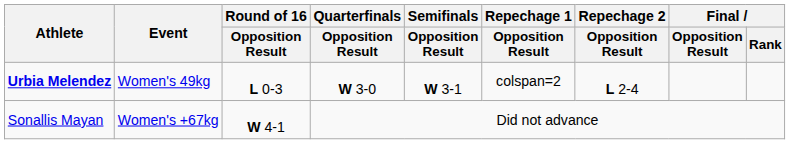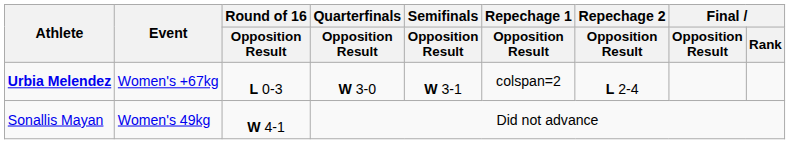 <table class="wikitable" style="font-size:90%;">
 <tr>
 <th rowspan=2>Athlete</th>
 <th rowspan=2>Event</th>
 <th>Round of 16</th>
 <th>Quarterfinals</th>
 <th>Semifinals</th>
 <th>Repechage 1</th>
 <th>Repechage 2</th>
 <th colspan=2>Final / </th>
 </tr>
 <tr style="font-size:95%">
 <th>Opposition<br>Result</th>
 <th>Opposition<br>Result</th>
 <th>Opposition<br>Result</th>
 <th>Opposition<br>Result</th>
 <th>Opposition<br>Result</th>
 <th>Opposition<br>Result</th>
 <th>Rank</th>
 </tr>
 <tr align=center>
 <td align=left><strong><a href='#'>Urbia Melendez</a></strong></td>
-<td align=left><a href='#'>Women's 49kg</a></td>
+<td align=left><a href='#'>Women's +67kg</a></td>
 <td><br><strong>L</strong> 0-3</td>
 <td><br><strong>W</strong> 3-0</td>
 <td><br><strong>W</strong> 3-1</td>
 <td>colspan=2 </td>
 <td><br><strong>L</strong> 2-4</td>
 <td></td>
 </tr>
 <tr align=center>
 <td align=left><a href='#'>Sonallis Mayan</a></td>
-<td align=left><a href='#'>Women's +67kg</a></td>
+<td align=left><a href='#'>Women's 49kg</a></td>
 <td><br><strong>W</strong> 4-1</td>
 <td colspan=6>Did not advance</td>
 </tr>
 </table>
